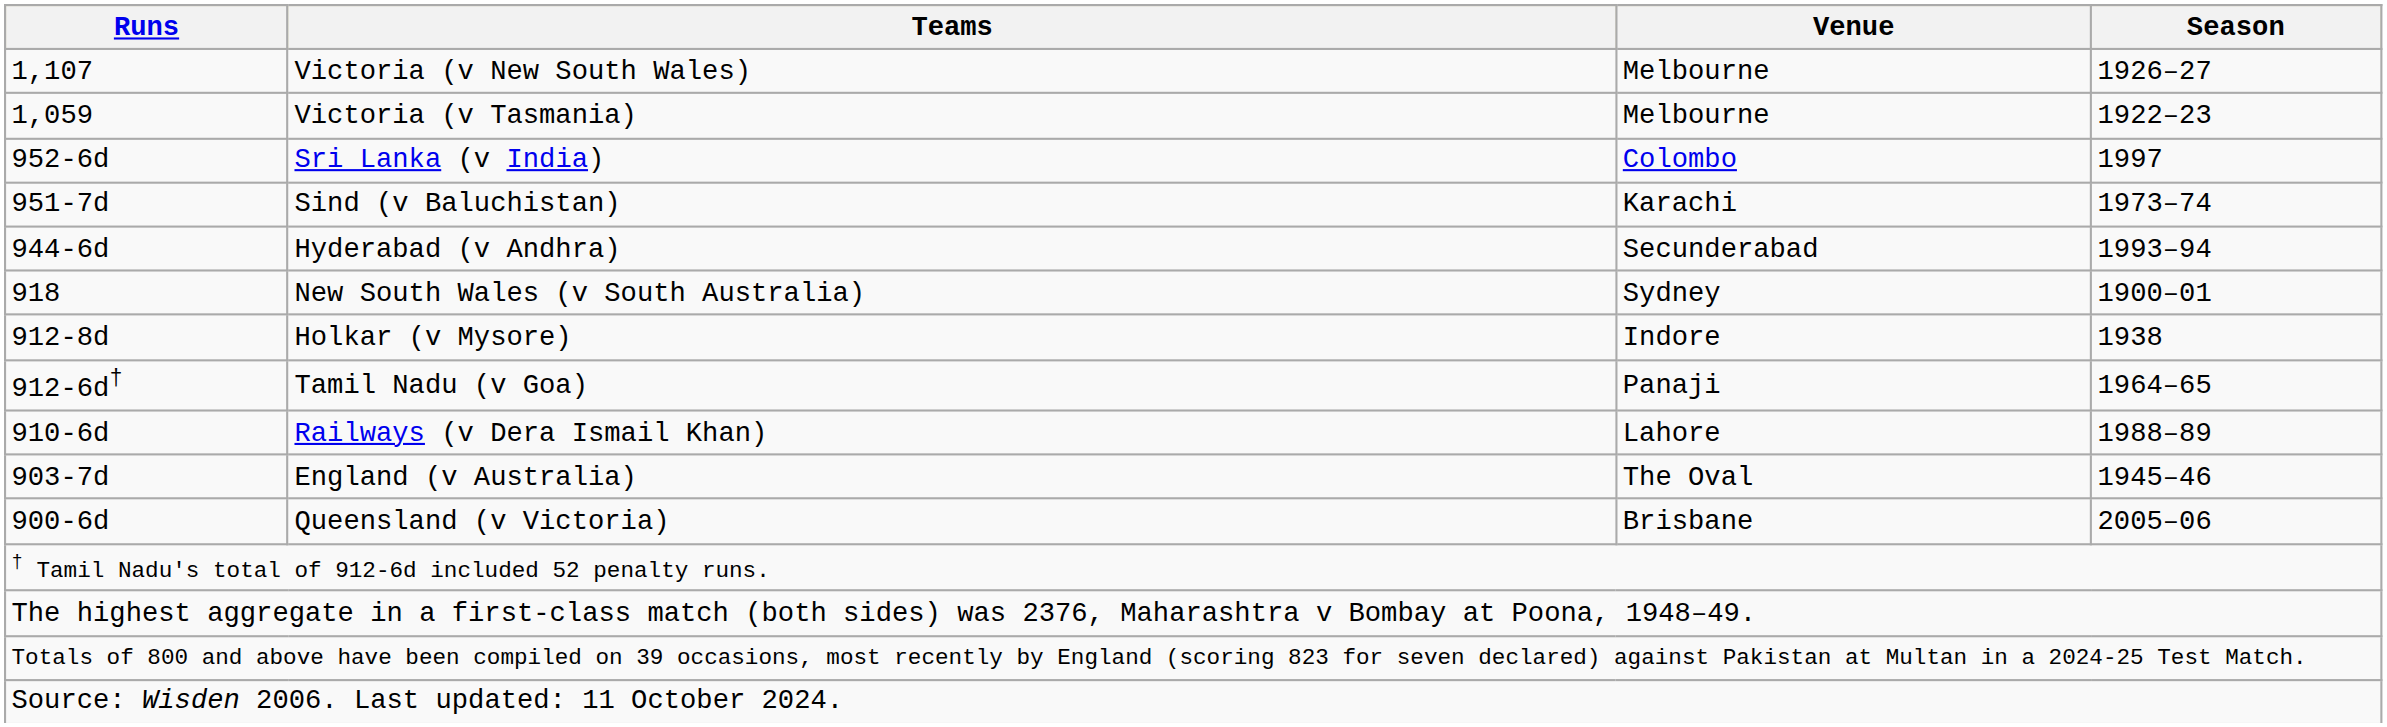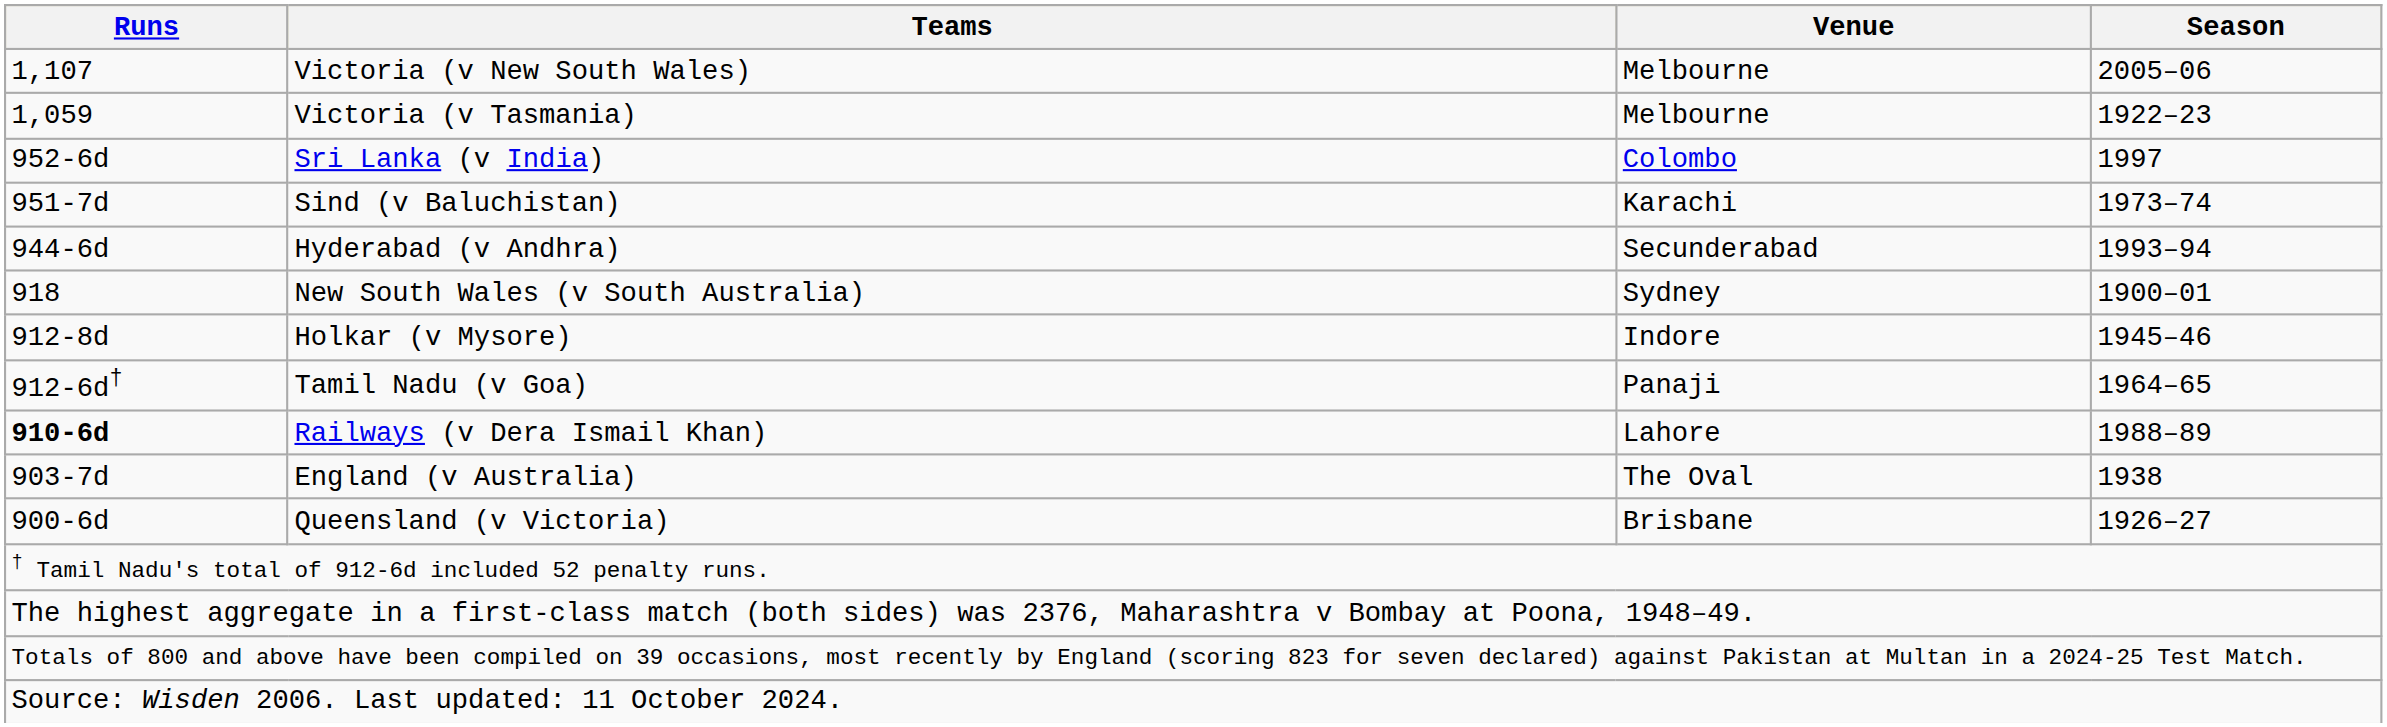 <table class="wikitable" style="width:90%;">
 <tr style="background:#bdb76b;">
 <th><a href='#'>Runs</a></th>
 <th>Teams</th>
 <th>Venue</th>
 <th>Season</th>
 </tr>
 <tr>
 <td>1,107</td>
 <td>Victoria (v New South Wales)</td>
 <td>Melbourne</td>
-<td>1926–27</td>
+<td>2005–06</td>
 </tr>
 <tr>
 <td>1,059</td>
 <td>Victoria (v Tasmania)</td>
 <td>Melbourne</td>
 <td>1922–23</td>
 </tr>
 <tr>
 <td>952-6d</td>
 <td><a href='#'>Sri Lanka</a> (v <a href='#'>India</a>)</td>
 <td><a href='#'>Colombo</a></td>
 <td>1997</td>
 </tr>
 <tr>
 <td>951-7d</td>
 <td>Sind (v Baluchistan)</td>
 <td>Karachi</td>
 <td>1973–74</td>
 </tr>
 <tr>
 <td>944-6d</td>
 <td>Hyderabad (v Andhra)</td>
 <td>Secunderabad</td>
 <td>1993–94</td>
 </tr>
 <tr>
 <td>918</td>
 <td>New South Wales (v South Australia)</td>
 <td>Sydney</td>
 <td>1900–01</td>
 </tr>
 <tr>
 <td>912-8d</td>
 <td>Holkar (v Mysore)</td>
 <td>Indore</td>
-<td>1938</td>
+<td>1945–46</td>
 </tr>
 <tr>
 <td>912-6d<sup>†</sup></td>
 <td>Tamil Nadu (v Goa)</td>
 <td>Panaji</td>
 <td>1964–65</td>
 </tr>
 <tr>
-<td>910-6d</td>
+<td><strong>910-6d</strong></td>
 <td><a href='#'>Railways</a> (v Dera Ismail Khan)</td>
 <td>Lahore</td>
 <td>1988–89</td>
 </tr>
 <tr>
 <td>903-7d</td>
 <td>England (v Australia)</td>
 <td>The Oval</td>
-<td>1945–46</td>
+<td>1938</td>
 </tr>
 <tr>
 <td>900-6d</td>
 <td>Queensland (v Victoria)</td>
 <td>Brisbane</td>
-<td>2005–06</td>
+<td>1926–27</td>
 </tr>
 <tr>
 <td colspan=4><small><sup>†</sup> Tamil Nadu's total of 912-6d included 52 penalty runs.</small></td>
 </tr>
 <tr>
 <td colspan="4">The highest aggregate in a first-class match (both sides) was 2376, Maharashtra v Bombay at Poona, 1948–49.</td>
 </tr>
 <tr>
 <td colspan=4><small>Totals of 800 and above have been compiled on 39 occasions, most recently by England (scoring 823 for seven declared) against Pakistan at Multan in a 2024-25 Test Match.</small></td>
 </tr>
 <tr>
 <td colspan=4>Source: <em>Wisden</em> 2006. Last updated: 11 October 2024.</td>
 </tr>
 </table>
